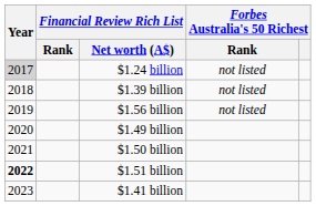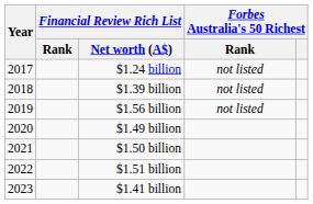 <table class="wikitable">
 <tr>
 <th rowspan=2>Year</th>
 <th colspan=2><em><a href='#'>Financial Review Rich List</a></em></th>
 <th colspan=2><em><a href='#'>Forbes</a></em><br><a href='#'>Australia's 50 Richest</a></th>
 </tr>
 <tr>
 <th>Rank</th>
 <th><a href='#'>Net worth</a> (<a href='#'>A$</a>)</th>
 <th>Rank</th>
 <th></th>
 </tr>
 <tr>
-<td style="background: lightgrey;">2017</td>
+<td>2017</td>
 <td align="center"></td>
 <td align="right">$1.24 <a href='#'>billion</a></td>
 <td align="center"><em>not listed</em></td>
 <td align="right"></td>
 </tr>
 <tr>
 <td>2018</td>
 <td align="center"></td>
 <td align="right">$1.39 billion </td>
 <td align="center"><em>not listed</em></td>
 <td align="right"></td>
 </tr>
 <tr>
 <td>2019</td>
 <td align="center"></td>
 <td align="right">$1.56 billion </td>
 <td align="center"><em>not listed</em></td>
 <td align="right"></td>
 </tr>
 <tr>
 <td>2020</td>
 <td align="center"></td>
 <td align="right">$1.49 billion </td>
 <td align="center"></td>
 <td align="right"></td>
 </tr>
 <tr>
 <td>2021</td>
 <td align="center"></td>
 <td align="right">$1.50 billion </td>
 <td align="center"></td>
 <td align="right"></td>
 </tr>
 <tr>
-<td><strong>2022</strong></td>
+<td>2022</td>
 <td align="center"></td>
 <td align="right">$1.51 billion </td>
 <td align="center"></td>
 <td align="right"></td>
 </tr>
 <tr>
 <td>2023</td>
 <td align="center"></td>
 <td align="right">$1.41 billion </td>
 <td align="center"></td>
 <td align="right"></td>
 </tr>
 </table>
